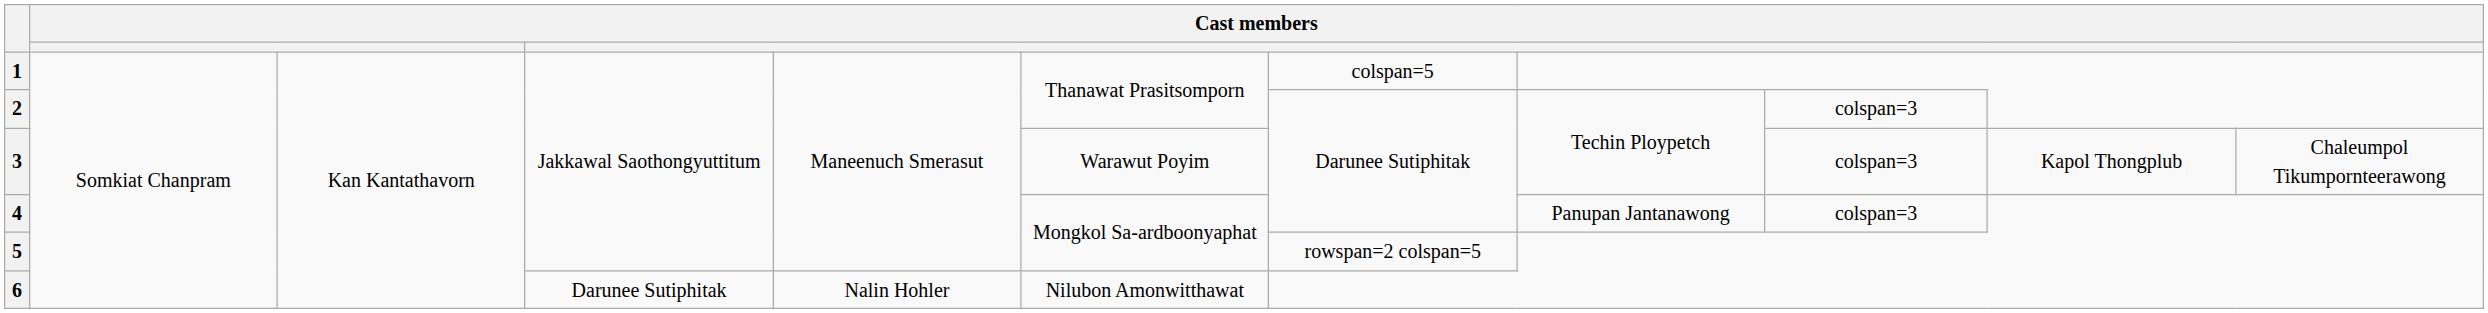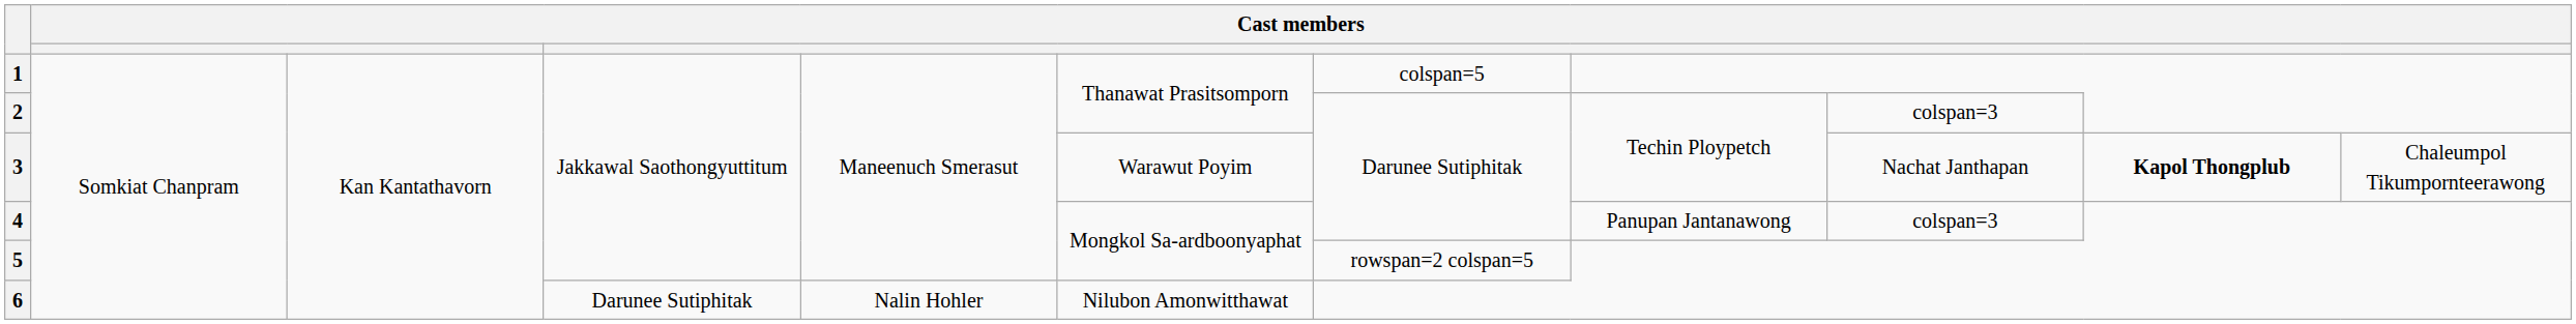 <table class="wikitable plainrowheaders" style="width:100%; text-align:center; line-height:23px;">
 <tr>
 <th rowspan=2 width=1%></th>
 <th colspan=10>Cast members </th>
 </tr>
 <tr>
 <th colspan=2></th>
 <th colspan=8></th>
 </tr>
 <tr>
 <th>1</th>
 <td rowspan=6 width=10%>Somkiat Chanpram</td>
 <td rowspan=6 width=10%>Kan Kantathavorn</td>
 <td rowspan=5 width=10%>Jakkawal Saothongyuttitum</td>
 <td rowspan=5 width=10%>Maneenuch Smerasut</td>
 <td rowspan=2 width=10%>Thanawat Prasitsomporn</td>
 <td>colspan=5 </td>
 </tr>
 <tr>
 <th>2</th>
 <td rowspan=3 width=10%>Darunee Sutiphitak</td>
 <td rowspan=2 width=10%>Techin Ploypetch</td>
 <td>colspan=3 </td>
 </tr>
 <tr>
 <th>3</th>
 <td>Warawut Poyim</td>
-<td>colspan=3 </td>
-<td width=10%>Kapol Thongplub</td>
+<td width=10%>Nachat Janthapan</td>
+<td width=10%><strong>Kapol Thongplub</strong></td>
 <td width=10%>Chaleumpol Tikumpornteerawong</td>
 </tr>
 <tr>
 <th>4</th>
 <td rowspan=2>Mongkol Sa-ardboonyaphat</td>
 <td>Panupan Jantanawong</td>
 <td>colspan=3 </td>
 </tr>
 <tr>
 <th>5</th>
 <td>rowspan=2 colspan=5 </td>
 </tr>
 <tr>
 <th>6</th>
 <td>Darunee Sutiphitak</td>
 <td>Nalin Hohler</td>
 <td>Nilubon Amonwitthawat</td>
 </tr>
 </table>
